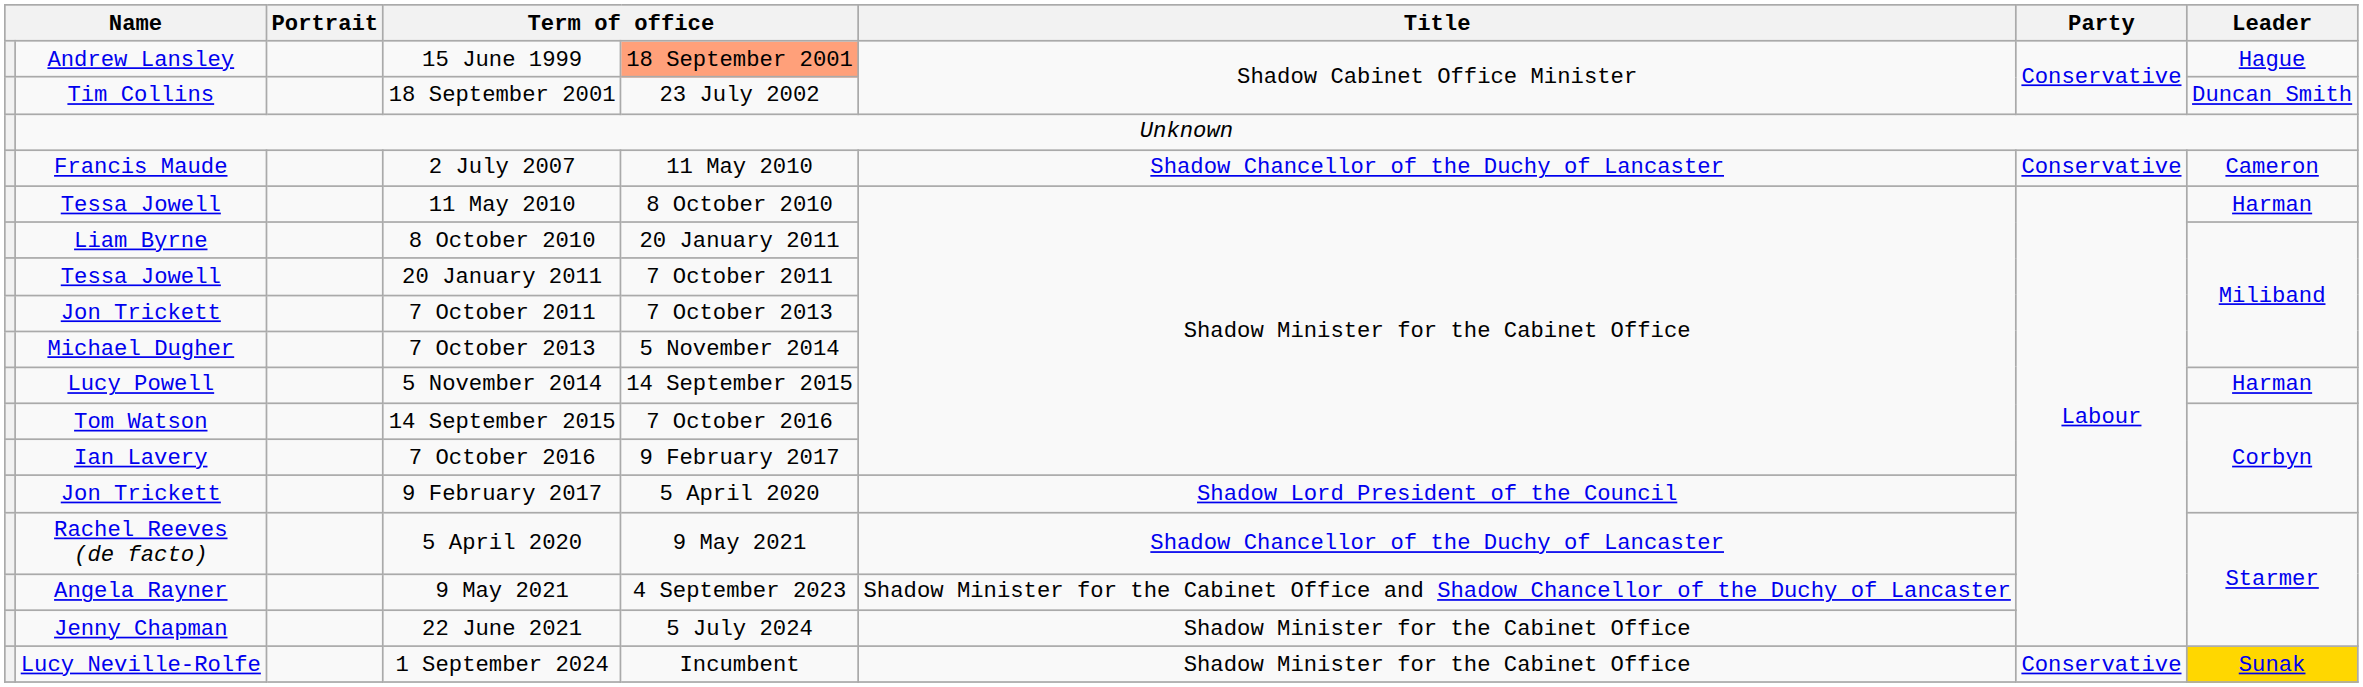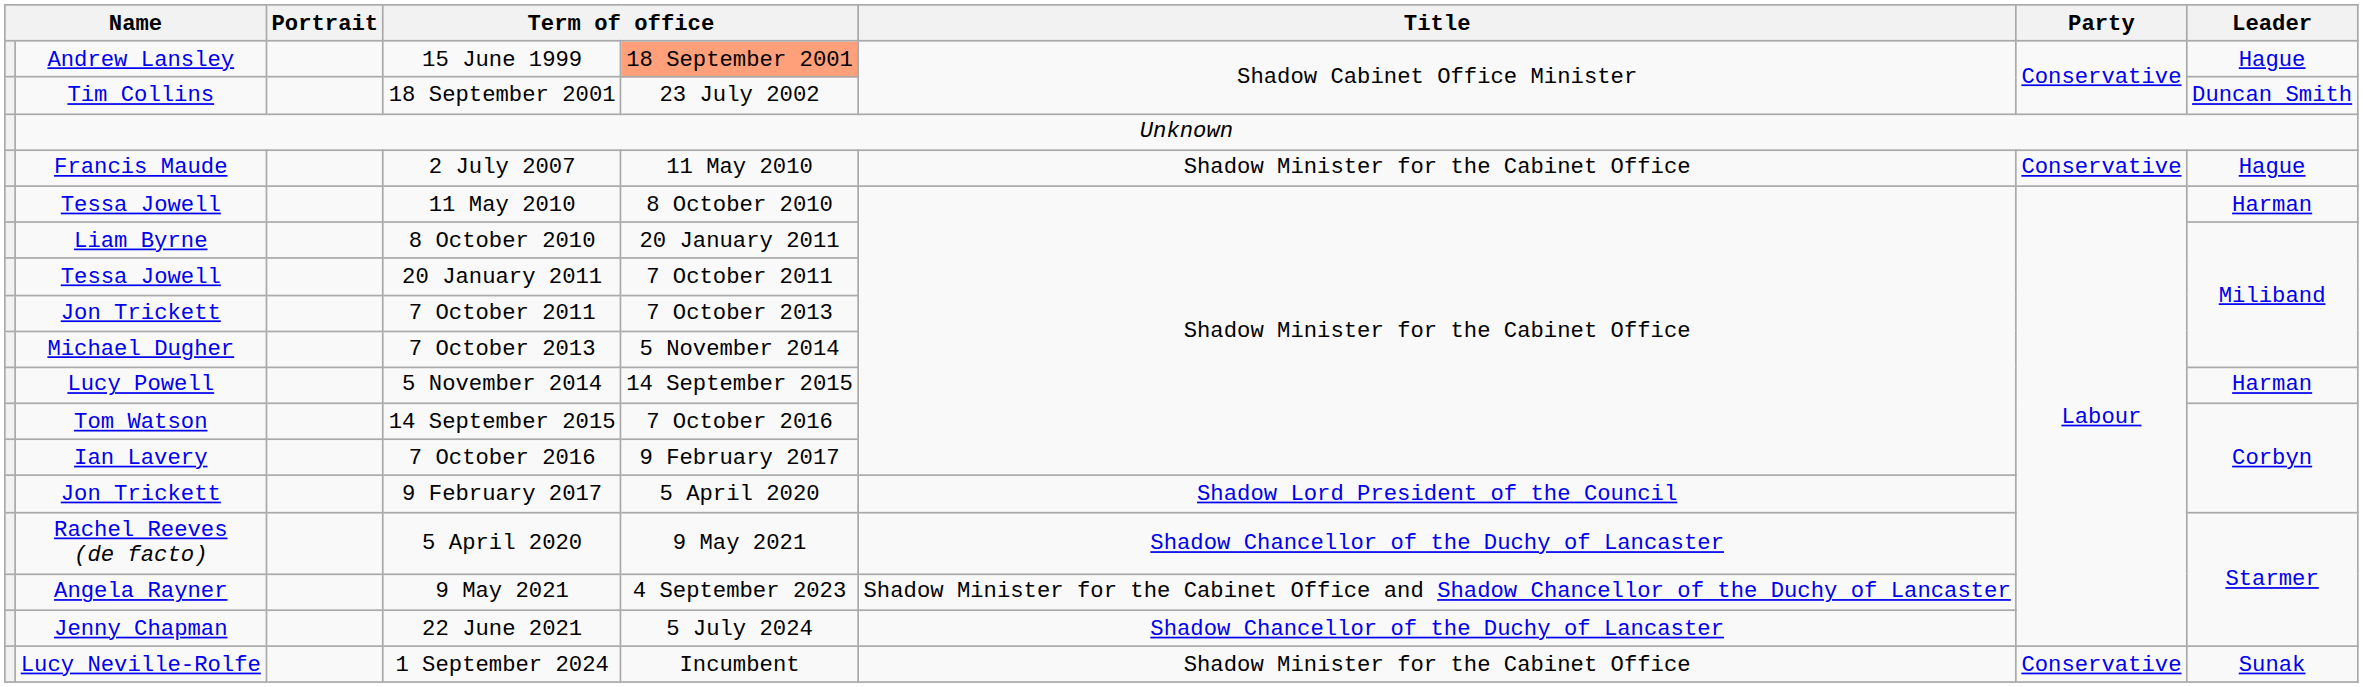 <table class="wikitable" style="text-align:center">
 <tr>
 <th colspan=2>Name</th>
 <th>Portrait</th>
 <th colspan=2>Term of office</th>
 <th>Title</th>
 <th>Party</th>
 <th>Leader</th>
 </tr>
 <tr>
 <th style="background-color: "></th>
 <td><a href='#'>Andrew Lansley</a></td>
 <td></td>
 <td>15 June 1999</td>
 <td style="background: lightsalmon;">18 September 2001</td>
 <td rowspan="2">Shadow Cabinet Office Minister</td>
 <td rowspan="2"><a href='#'>Conservative</a></td>
 <td><a href='#'>Hague</a></td>
 </tr>
 <tr>
 <th style="background-color: "></th>
 <td><a href='#'>Tim Collins</a></td>
 <td></td>
 <td>18 September 2001</td>
 <td>23 July 2002</td>
 <td><a href='#'>Duncan Smith</a></td>
 </tr>
 <tr>
 <th style="background-color: "></th>
 <td colspan="7"><em>Unknown</em></td>
 </tr>
 <tr>
 <th style="background-color: "></th>
 <td><a href='#'>Francis Maude</a></td>
 <td></td>
 <td>2 July 2007</td>
 <td>11 May 2010</td>
-<td><a href='#'>Shadow Chancellor of the Duchy of Lancaster</a></td>
+<td>Shadow Minister for the Cabinet Office</td>
 <td><a href='#'>Conservative</a></td>
-<td><a href='#'>Cameron</a></td>
+<td><a href='#'>Hague</a></td>
 </tr>
 <tr>
 <th style="background-color: "></th>
 <td><a href='#'>Tessa Jowell</a></td>
 <td></td>
 <td>11 May 2010</td>
 <td>8 October 2010</td>
 <td rowspan="9">Shadow Minister for the Cabinet Office</td>
 <td rowspan="13"><a href='#'>Labour</a></td>
 <td><a href='#'>Harman</a></td>
 </tr>
 <tr>
 <th style="background-color: "></th>
 <td><a href='#'>Liam Byrne</a></td>
 <td></td>
 <td>8 October 2010</td>
 <td>20 January 2011</td>
 <td rowspan=5><a href='#'>Miliband</a></td>
 </tr>
 <tr>
 <th style="background-color: "></th>
 <td><a href='#'>Tessa Jowell</a></td>
 <td></td>
 <td>20 January 2011</td>
 <td>7 October 2011</td>
 </tr>
 <tr>
 <th style="background-color: "></th>
 <td><a href='#'>Jon Trickett</a></td>
 <td></td>
 <td>7 October 2011</td>
 <td>7 October 2013</td>
 </tr>
 <tr>
 <th style="background-color: "></th>
 <td><a href='#'>Michael Dugher</a></td>
 <td></td>
 <td>7 October 2013</td>
 <td>5 November 2014</td>
 </tr>
 <tr>
 <th rowspan=2 style="background-color: "></th>
 <td rowspan=2><a href='#'>Lucy Powell</a></td>
 <td rowspan=2></td>
 <td rowspan=2>5 November 2014</td>
 <td rowspan=2>14 September 2015</td>
 </tr>
 <tr>
 <td><a href='#'>Harman</a></td>
 </tr>
 <tr>
 <th style="background-color: "></th>
 <td><a href='#'>Tom Watson</a></td>
 <td></td>
 <td>14 September 2015</td>
 <td>7 October 2016</td>
 <td rowspan=3><a href='#'>Corbyn</a></td>
 </tr>
 <tr>
 <th style="background-color: "></th>
 <td><a href='#'>Ian Lavery</a></td>
 <td></td>
 <td>7 October 2016</td>
 <td>9 February 2017</td>
 </tr>
 <tr>
 <th style="background-color: "></th>
 <td><a href='#'>Jon Trickett</a></td>
 <td></td>
 <td>9 February 2017</td>
 <td>5 April 2020</td>
 <td><a href='#'>Shadow Lord President of the Council</a></td>
 </tr>
 <tr>
 <th style="background-color: "></th>
 <td><a href='#'>Rachel Reeves</a><br><em>(de facto)</em></td>
 <td></td>
 <td>5 April 2020</td>
 <td>9 May 2021</td>
 <td><a href='#'>Shadow Chancellor of the Duchy of Lancaster</a></td>
 <td rowspan=3><a href='#'>Starmer</a></td>
 </tr>
 <tr>
 <th style="background-color: "></th>
 <td><a href='#'>Angela Rayner</a> <em></td>
 <td></td>
 <td>9 May 2021</td>
 <td>4 September 2023</td>
 <td>Shadow Minister for the Cabinet Office and <a href='#'>Shadow Chancellor of the Duchy of Lancaster</a></td>
 </tr>
 <tr>
 <th style="background-color: "></th>
 <td><a href='#'>Jenny Chapman</a></td>
 <td></td>
 <td>22 June 2021</td>
 <td>5 July 2024</td>
-<td>Shadow Minister for the Cabinet Office</td>
+<td><a href='#'>Shadow Chancellor of the Duchy of Lancaster</a></td>
 </tr>
 <tr>
 <th style="background-color: "></th>
 <td><a href='#'>Lucy Neville-Rolfe</a></td>
 <td></td>
 <td>1 September 2024</td>
 <td>Incumbent</td>
 <td>Shadow Minister for the Cabinet Office</td>
 <td><a href='#'>Conservative</a></td>
-<td style="background: gold;"><a href='#'>Sunak</a></td>
+<td><a href='#'>Sunak</a></td>
 </tr>
 </table>
